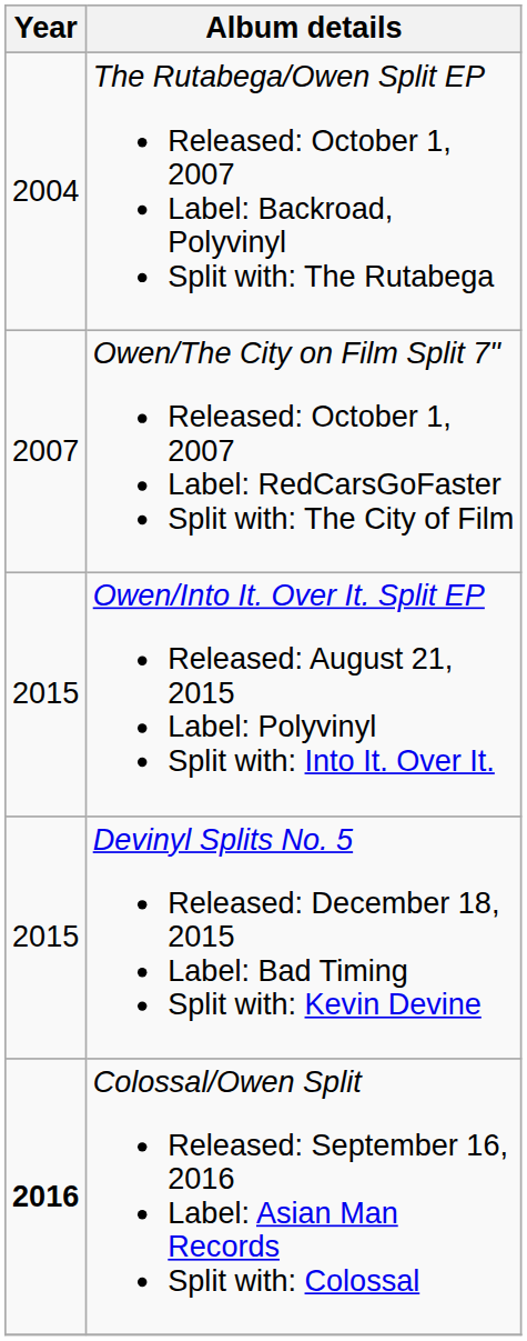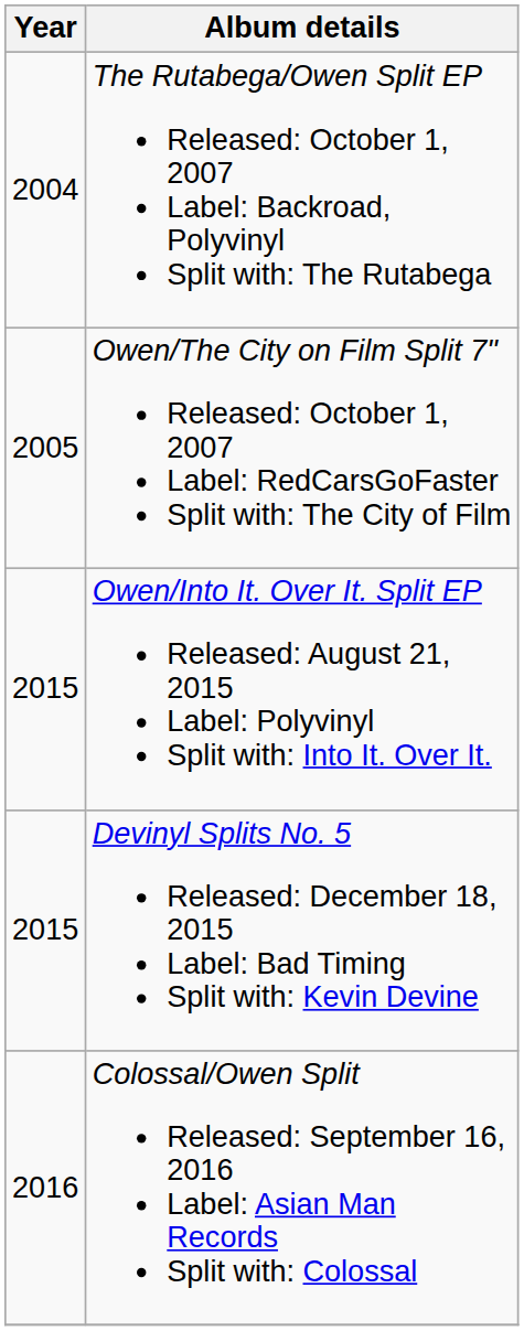 <table class="wikitable">
 <tr>
 <th>Year</th>
 <th width="225">Album details</th>
 </tr>
 <tr>
 <td>2004</td>
 <td><em>The Rutabega/Owen Split EP</em><br><ul><li>Released: October 1, 2007</li><li>Label: Backroad, Polyvinyl</li><li>Split with: The Rutabega</li></ul></td>
 </tr>
 <tr>
-<td>2007</td>
+<td>2005</td>
 <td><em>Owen/The City on Film Split 7"</em><br><ul><li>Released: October 1, 2007</li><li>Label: RedCarsGoFaster</li><li>Split with: The City of Film</li></ul></td>
 </tr>
 <tr>
 <td>2015</td>
 <td><em><a href='#'>Owen/Into It. Over It. Split EP</a></em><br><ul><li>Released: August 21, 2015</li><li>Label: Polyvinyl</li><li>Split with: <a href='#'>Into It. Over It.</a></li></ul></td>
 </tr>
 <tr>
 <td>2015</td>
 <td><em><a href='#'>Devinyl Splits No. 5</a></em><br><ul><li>Released: December 18, 2015</li><li>Label: Bad Timing</li><li>Split with: <a href='#'>Kevin Devine</a></li></ul></td>
 </tr>
 <tr>
-<td><strong>2016</strong></td>
+<td>2016</td>
 <td><em>Colossal/Owen Split</em><br><ul><li>Released: September 16, 2016</li><li>Label: <a href='#'>Asian Man Records</a></li><li>Split with: <a href='#'>Colossal</a></li></ul></td>
 </tr>
 <tr>
 </tr>
 </table>
